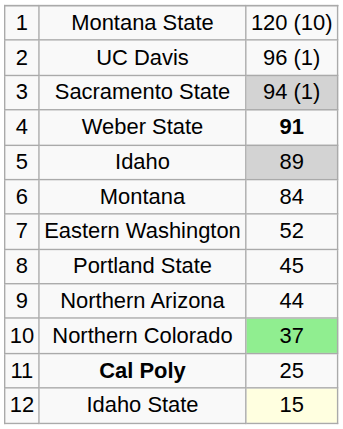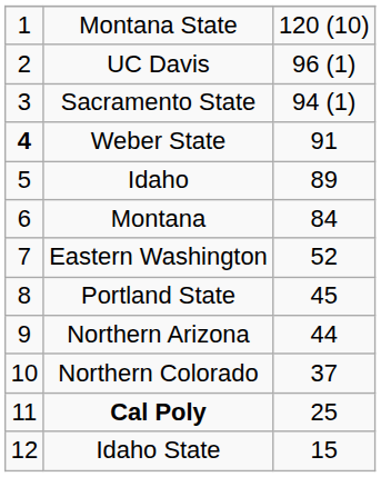 <table class="wikitable" style="display: inline-table;">
 <tr align="center">
 </tr>
 <tr align="center">
 <td>1</td>
 <td>Montana State</td>
 <td>120 (10)</td>
 </tr>
 <tr align="center">
 <td>2</td>
 <td>UC Davis</td>
 <td>96 (1)</td>
 </tr>
 <tr align="center">
 <td>3</td>
 <td>Sacramento State</td>
-<td style="background: lightgrey;">94 (1)</td>
+<td>94 (1)</td>
 </tr>
 <tr align="center">
-<td>4</td>
+<td><strong>4</strong></td>
 <td>Weber State</td>
-<td><strong>91</strong></td>
+<td>91</td>
 </tr>
 <tr align="center">
 <td>5</td>
 <td>Idaho</td>
-<td style="background: lightgrey;">89</td>
+<td>89</td>
 </tr>
 <tr align="center">
 <td>6</td>
 <td>Montana</td>
 <td>84</td>
 </tr>
 <tr align="center">
 <td>7</td>
 <td>Eastern Washington</td>
 <td>52</td>
 </tr>
 <tr align="center">
 <td>8</td>
 <td>Portland State</td>
 <td>45</td>
 </tr>
 <tr align="center">
 <td>9</td>
 <td>Northern Arizona</td>
 <td>44</td>
 </tr>
 <tr align="center">
 <td>10</td>
 <td>Northern Colorado</td>
-<td style="background: lightgreen;">37</td>
+<td>37</td>
 </tr>
 <tr align="center">
 <td>11</td>
 <td><strong>Cal Poly</strong></td>
 <td>25</td>
 </tr>
 <tr align="center">
 <td>12</td>
 <td>Idaho State</td>
-<td style="background: lightyellow;">15</td>
+<td>15</td>
 </tr>
 </table>
